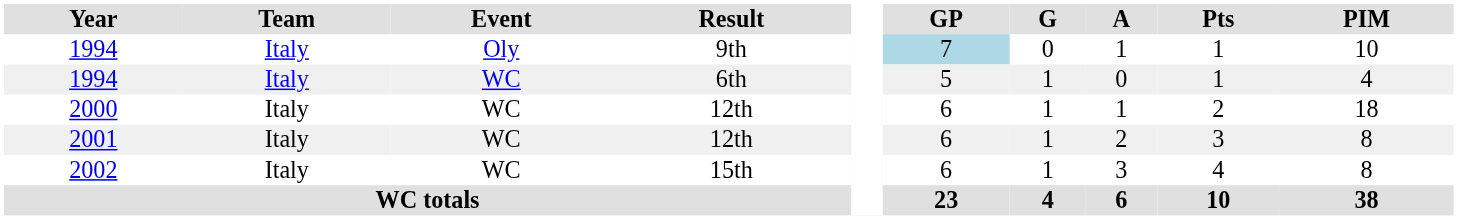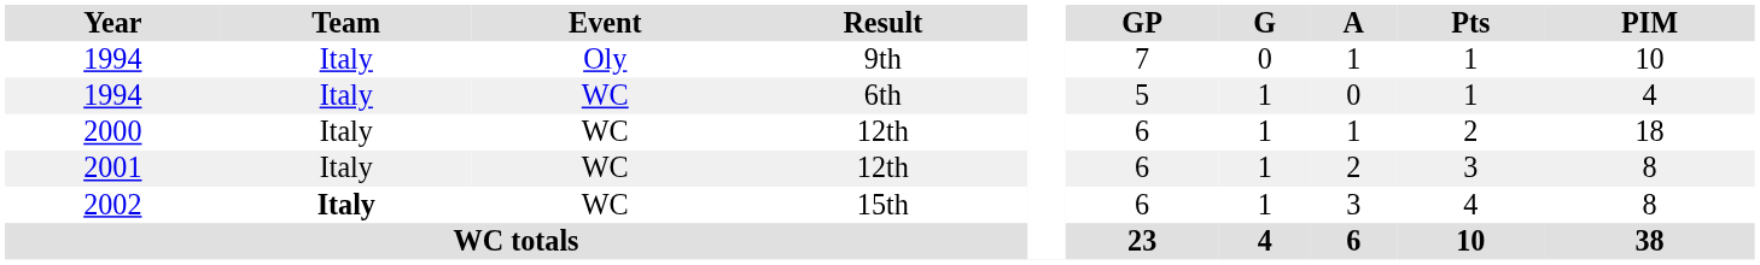 <table border="0" cellpadding="1" cellspacing="0" style="text-align:center; width:60em">
 <tr ALIGN="centre" bgcolor="#e0e0e0">
 <th>Year</th>
 <th>Team</th>
 <th>Event</th>
 <th>Result</th>
 <th rowspan="99" bgcolor="#ffffff"> </th>
 <th>GP</th>
 <th>G</th>
 <th>A</th>
 <th>Pts</th>
 <th>PIM</th>
 </tr>
 <tr>
 <td><a href='#'>1994</a></td>
 <td><a href='#'>Italy</a></td>
 <td><a href='#'>Oly</a></td>
 <td>9th</td>
-<td style="background: lightblue;">7</td>
+<td>7</td>
 <td>0</td>
 <td>1</td>
 <td>1</td>
 <td>10</td>
 </tr>
 <tr style="background:#f0f0f0;">
 <td><a href='#'>1994</a></td>
 <td><a href='#'>Italy</a></td>
 <td><a href='#'>WC</a></td>
 <td>6th</td>
 <td>5</td>
 <td>1</td>
 <td>0</td>
 <td>1</td>
 <td>4</td>
 </tr>
 <tr>
 <td><a href='#'>2000</a></td>
 <td>Italy</td>
 <td>WC</td>
 <td>12th</td>
 <td>6</td>
 <td>1</td>
 <td>1</td>
 <td>2</td>
 <td>18</td>
 </tr>
 <tr style="background:#f0f0f0;">
 <td><a href='#'>2001</a></td>
 <td>Italy</td>
 <td>WC</td>
 <td>12th</td>
 <td>6</td>
 <td>1</td>
 <td>2</td>
 <td>3</td>
 <td>8</td>
 </tr>
 <tr>
 <td><a href='#'>2002</a></td>
-<td>Italy</td>
+<td><strong>Italy</strong></td>
 <td>WC</td>
 <td>15th</td>
 <td>6</td>
 <td>1</td>
 <td>3</td>
 <td>4</td>
 <td>8</td>
 </tr>
 <tr style="background:#e0e0e0;">
 <th colspan=4>WC totals</th>
 <th>23</th>
 <th>4</th>
 <th>6</th>
 <th>10</th>
 <th>38</th>
 </tr>
 </table>
